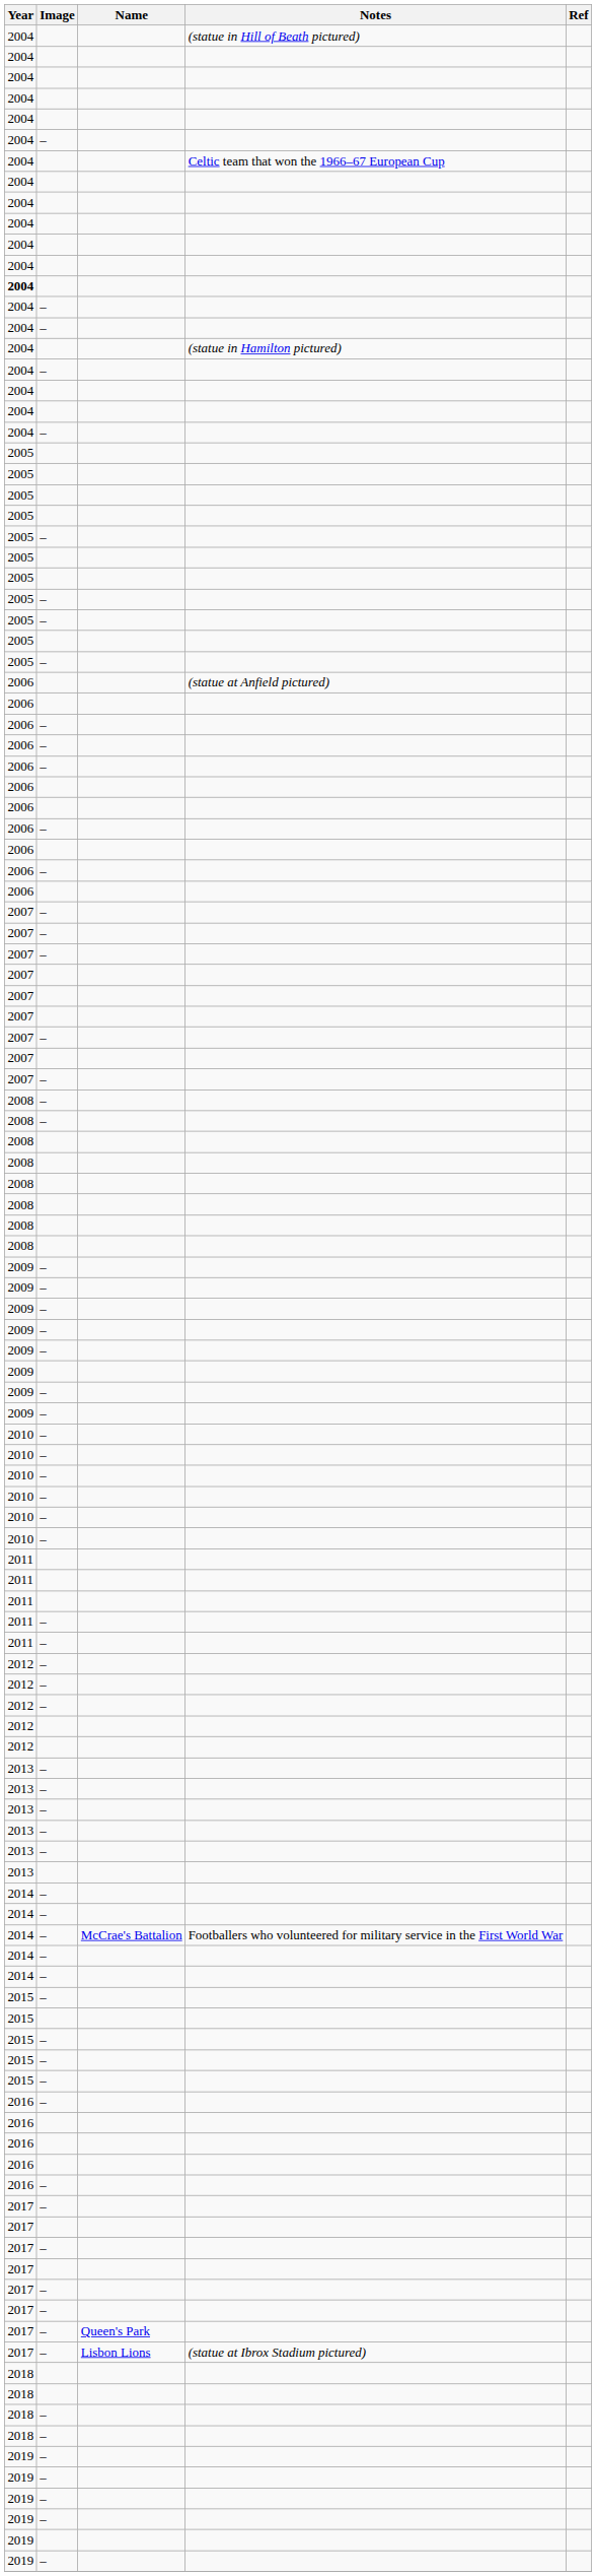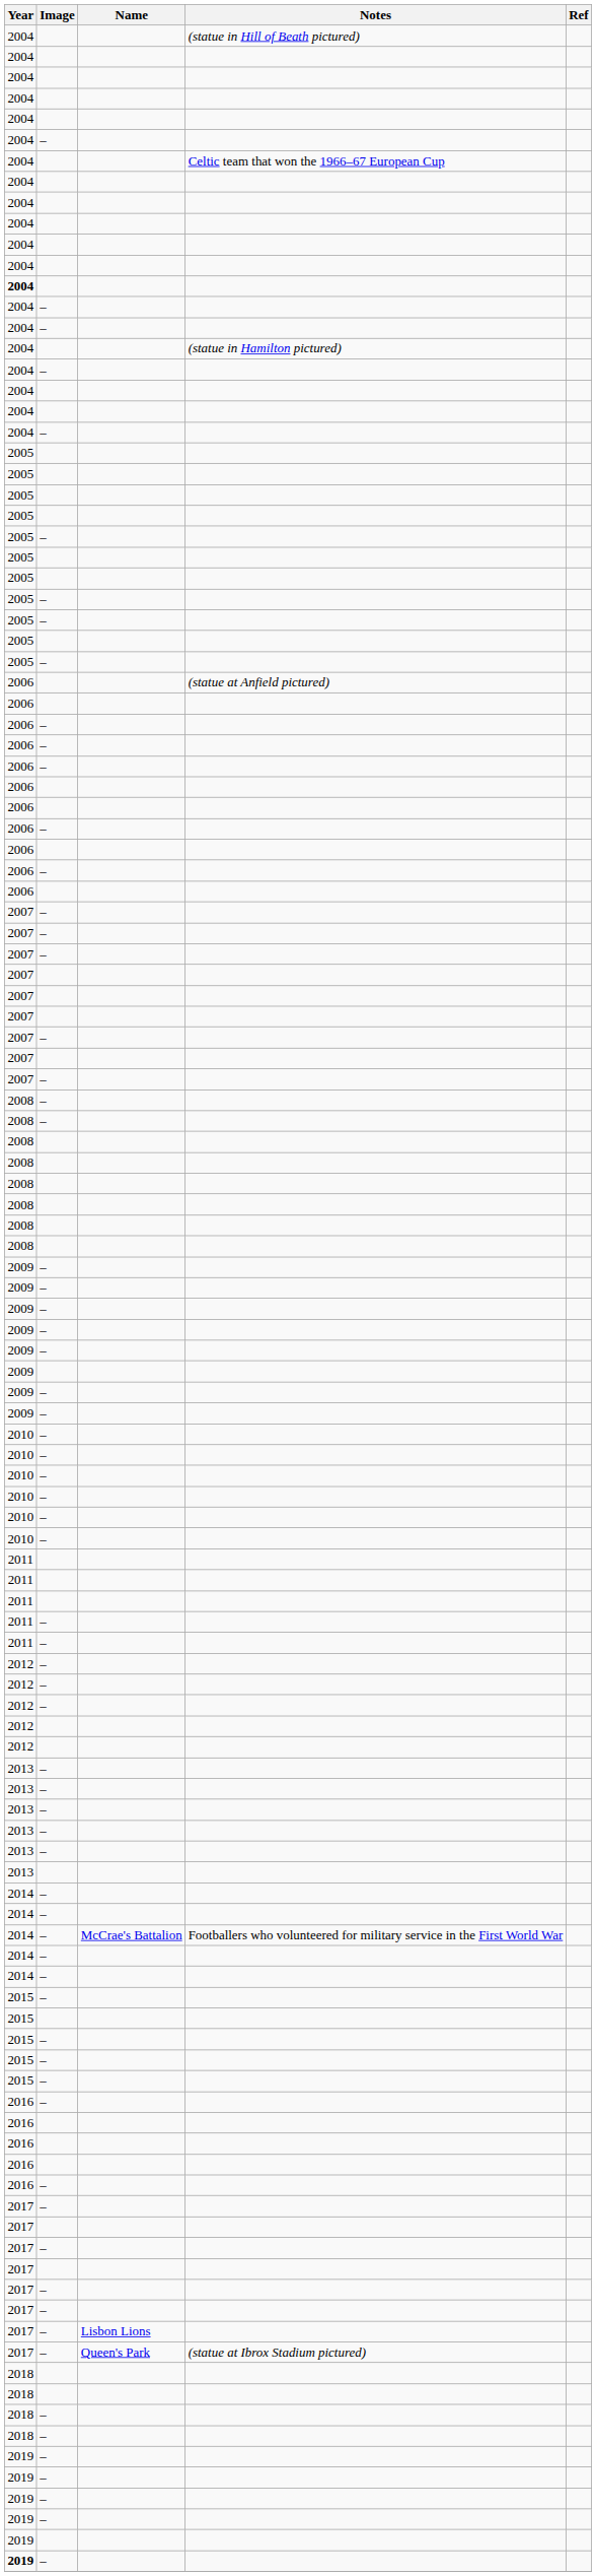 <table class="wikitable sortable">
 <tr>
 <th scope=col>Year</th>
 <th scope=col class=unsortable>Image</th>
 <th scope=col>Name</th>
 <th scope=col class=unsortable>Notes</th>
 <th scope=col class=unsortable>Ref</th>
 </tr>
 <tr>
 <td align="center">2004</td>
 <td></td>
 <td></td>
 <td><em>(statue in <a href='#'>Hill of Beath</a> pictured)</em></td>
 <td></td>
 </tr>
 <tr>
 <td align="center">2004</td>
 <td></td>
 <td></td>
 <td></td>
 <td></td>
 </tr>
 <tr>
 <td align="center">2004</td>
 <td></td>
 <td></td>
 <td></td>
 <td></td>
 </tr>
 <tr>
 <td align="center">2004</td>
 <td></td>
 <td></td>
 <td></td>
 <td></td>
 </tr>
 <tr>
 <td align="center">2004</td>
 <td></td>
 <td></td>
 <td></td>
 <td></td>
 </tr>
 <tr>
 <td align="center">2004</td>
 <td>–</td>
 <td></td>
 <td></td>
 <td></td>
 </tr>
 <tr>
 <td align="center">2004</td>
 <td></td>
 <td></td>
 <td><a href='#'>Celtic</a> team that won the <a href='#'>1966&ndash;67 European Cup</a></td>
 <td></td>
 </tr>
 <tr>
 <td align="center">2004</td>
 <td></td>
 <td></td>
 <td></td>
 <td></td>
 </tr>
 <tr>
 <td align="center">2004</td>
 <td></td>
 <td></td>
 <td></td>
 <td></td>
 </tr>
 <tr>
 <td align="center">2004</td>
 <td></td>
 <td></td>
 <td></td>
 <td></td>
 </tr>
 <tr>
 <td align="center">2004</td>
 <td></td>
 <td></td>
 <td></td>
 <td></td>
 </tr>
 <tr>
 <td align="center">2004</td>
 <td></td>
 <td></td>
 <td></td>
 <td></td>
 </tr>
 <tr>
 <td align="center"><strong>2004</strong></td>
 <td></td>
 <td></td>
 <td></td>
 <td></td>
 </tr>
 <tr>
 <td align="center">2004</td>
 <td>–</td>
 <td></td>
 <td></td>
 <td></td>
 </tr>
 <tr>
 <td align="center">2004</td>
 <td>–</td>
 <td></td>
 <td></td>
 <td></td>
 </tr>
 <tr>
 <td align="center">2004</td>
 <td></td>
 <td></td>
 <td><em>(statue in <a href='#'>Hamilton</a> pictured)</em></td>
 <td></td>
 </tr>
 <tr>
 <td align="center">2004</td>
 <td>–</td>
 <td></td>
 <td></td>
 <td></td>
 </tr>
 <tr>
 <td align="center">2004</td>
 <td></td>
 <td></td>
 <td></td>
 <td></td>
 </tr>
 <tr>
 <td align="center">2004</td>
 <td></td>
 <td></td>
 <td></td>
 <td></td>
 </tr>
 <tr>
 <td align="center">2004</td>
 <td>–</td>
 <td></td>
 <td></td>
 <td></td>
 </tr>
 <tr>
 <td align="center">2005</td>
 <td></td>
 <td></td>
 <td></td>
 <td></td>
 </tr>
 <tr>
 <td align="center">2005</td>
 <td></td>
 <td></td>
 <td></td>
 <td></td>
 </tr>
 <tr>
 <td align="center">2005</td>
 <td></td>
 <td></td>
 <td></td>
 <td></td>
 </tr>
 <tr>
 <td align="center">2005</td>
 <td></td>
 <td></td>
 <td></td>
 <td></td>
 </tr>
 <tr>
 <td align="center">2005</td>
 <td>–</td>
 <td></td>
 <td></td>
 <td></td>
 </tr>
 <tr>
 <td align="center">2005</td>
 <td></td>
 <td></td>
 <td></td>
 <td></td>
 </tr>
 <tr>
 <td align="center">2005</td>
 <td></td>
 <td></td>
 <td></td>
 <td></td>
 </tr>
 <tr>
 <td align="center">2005</td>
 <td>–</td>
 <td></td>
 <td></td>
 <td></td>
 </tr>
 <tr>
 <td align="center">2005</td>
 <td>–</td>
 <td></td>
 <td></td>
 <td></td>
 </tr>
 <tr>
 <td align="center">2005</td>
 <td></td>
 <td></td>
 <td></td>
 <td></td>
 </tr>
 <tr>
 <td align="center">2005</td>
 <td>–</td>
 <td></td>
 <td></td>
 <td></td>
 </tr>
 <tr>
 <td align="center">2006</td>
 <td></td>
 <td></td>
 <td><em>(statue at Anfield pictured)</em></td>
 <td></td>
 </tr>
 <tr>
 <td align="center">2006</td>
 <td></td>
 <td></td>
 <td></td>
 <td></td>
 </tr>
 <tr>
 <td align="center">2006</td>
 <td>–</td>
 <td></td>
 <td></td>
 <td></td>
 </tr>
 <tr>
 <td align="center">2006</td>
 <td>–</td>
 <td></td>
 <td></td>
 <td></td>
 </tr>
 <tr>
 <td align="center">2006</td>
 <td>–</td>
 <td></td>
 <td></td>
 <td></td>
 </tr>
 <tr>
 <td align="center">2006</td>
 <td></td>
 <td></td>
 <td></td>
 <td></td>
 </tr>
 <tr>
 <td align="center">2006</td>
 <td></td>
 <td></td>
 <td></td>
 <td></td>
 </tr>
 <tr>
 <td align="center">2006</td>
 <td>–</td>
 <td></td>
 <td></td>
 <td></td>
 </tr>
 <tr>
 <td align="center">2006</td>
 <td></td>
 <td></td>
 <td></td>
 <td></td>
 </tr>
 <tr>
 <td align="center">2006</td>
 <td>–</td>
 <td></td>
 <td></td>
 <td></td>
 </tr>
 <tr>
 <td align="center">2006</td>
 <td></td>
 <td></td>
 <td></td>
 <td></td>
 </tr>
 <tr>
 <td align="center">2007</td>
 <td>–</td>
 <td></td>
 <td></td>
 <td></td>
 </tr>
 <tr>
 <td align="center">2007</td>
 <td>–</td>
 <td></td>
 <td></td>
 <td></td>
 </tr>
 <tr>
 <td align="center">2007</td>
 <td>–</td>
 <td></td>
 <td></td>
 <td></td>
 </tr>
 <tr>
 <td align="center">2007</td>
 <td></td>
 <td></td>
 <td></td>
 <td></td>
 </tr>
 <tr>
 <td align="center">2007</td>
 <td></td>
 <td></td>
 <td></td>
 <td></td>
 </tr>
 <tr>
 <td align="center">2007</td>
 <td></td>
 <td></td>
 <td></td>
 <td></td>
 </tr>
 <tr>
 <td align="center">2007</td>
 <td>–</td>
 <td></td>
 <td></td>
 <td></td>
 </tr>
 <tr>
 <td align="center">2007</td>
 <td></td>
 <td></td>
 <td></td>
 <td></td>
 </tr>
 <tr>
 <td align="center">2007</td>
 <td>–</td>
 <td></td>
 <td></td>
 <td></td>
 </tr>
 <tr>
 <td align="center">2008</td>
 <td>–</td>
 <td></td>
 <td></td>
 <td></td>
 </tr>
 <tr>
 <td align="center">2008</td>
 <td>–</td>
 <td></td>
 <td></td>
 <td></td>
 </tr>
 <tr>
 <td align="center">2008</td>
 <td></td>
 <td></td>
 <td></td>
 <td></td>
 </tr>
 <tr>
 <td align="center">2008</td>
 <td></td>
 <td></td>
 <td></td>
 <td></td>
 </tr>
 <tr>
 <td align="center">2008</td>
 <td></td>
 <td></td>
 <td></td>
 <td></td>
 </tr>
 <tr>
 <td align="center">2008</td>
 <td></td>
 <td></td>
 <td></td>
 <td></td>
 </tr>
 <tr>
 <td align="center">2008</td>
 <td></td>
 <td></td>
 <td></td>
 <td></td>
 </tr>
 <tr>
 <td align="center">2008</td>
 <td></td>
 <td></td>
 <td></td>
 <td></td>
 </tr>
 <tr>
 <td align="center">2009</td>
 <td>–</td>
 <td></td>
 <td></td>
 <td></td>
 </tr>
 <tr>
 <td align="center">2009</td>
 <td>–</td>
 <td></td>
 <td></td>
 <td></td>
 </tr>
 <tr>
 <td align="center">2009</td>
 <td>–</td>
 <td></td>
 <td></td>
 <td></td>
 </tr>
 <tr>
 <td align="center">2009</td>
 <td>–</td>
 <td></td>
 <td></td>
 <td></td>
 </tr>
 <tr>
 <td align="center">2009</td>
 <td>–</td>
 <td></td>
 <td></td>
 <td></td>
 </tr>
 <tr>
 <td align="center">2009</td>
 <td></td>
 <td></td>
 <td></td>
 <td></td>
 </tr>
 <tr>
 <td align="center">2009</td>
 <td>–</td>
 <td></td>
 <td></td>
 <td></td>
 </tr>
 <tr>
 <td align="center">2009</td>
 <td>–</td>
 <td></td>
 <td></td>
 <td></td>
 </tr>
 <tr>
 <td align="center">2010</td>
 <td>–</td>
 <td></td>
 <td></td>
 <td></td>
 </tr>
 <tr>
 <td align="center">2010</td>
 <td>–</td>
 <td></td>
 <td></td>
 <td></td>
 </tr>
 <tr>
 <td align="center">2010</td>
 <td>–</td>
 <td></td>
 <td></td>
 <td></td>
 </tr>
 <tr>
 <td align="center">2010</td>
 <td>–</td>
 <td></td>
 <td></td>
 <td></td>
 </tr>
 <tr>
 <td align="center">2010</td>
 <td>–</td>
 <td></td>
 <td></td>
 <td></td>
 </tr>
 <tr>
 <td align="center">2010</td>
 <td>–</td>
 <td></td>
 <td></td>
 <td></td>
 </tr>
 <tr>
 <td align="center">2011</td>
 <td></td>
 <td></td>
 <td></td>
 <td></td>
 </tr>
 <tr>
 <td align="center">2011</td>
 <td></td>
 <td></td>
 <td></td>
 <td></td>
 </tr>
 <tr>
 <td align="center">2011</td>
 <td></td>
 <td></td>
 <td></td>
 <td></td>
 </tr>
 <tr>
 <td align="center">2011</td>
 <td>–</td>
 <td></td>
 <td></td>
 <td></td>
 </tr>
 <tr>
 <td align="center">2011</td>
 <td>–</td>
 <td></td>
 <td></td>
 <td></td>
 </tr>
 <tr>
 <td align="center">2012</td>
 <td>–</td>
 <td></td>
 <td></td>
 <td></td>
 </tr>
 <tr>
 <td align="center">2012</td>
 <td>–</td>
 <td></td>
 <td></td>
 <td></td>
 </tr>
 <tr>
 <td align="center">2012</td>
 <td>–</td>
 <td></td>
 <td></td>
 <td></td>
 </tr>
 <tr>
 <td align="center">2012</td>
 <td></td>
 <td></td>
 <td></td>
 <td></td>
 </tr>
 <tr>
 <td align="center">2012</td>
 <td></td>
 <td></td>
 <td></td>
 <td></td>
 </tr>
 <tr>
 <td align="center">2013</td>
 <td>–</td>
 <td></td>
 <td></td>
 <td></td>
 </tr>
 <tr>
 <td align="center">2013</td>
 <td>–</td>
 <td></td>
 <td></td>
 <td></td>
 </tr>
 <tr>
 <td align="center">2013</td>
 <td>–</td>
 <td></td>
 <td></td>
 <td></td>
 </tr>
 <tr>
 <td align="center">2013</td>
 <td>–</td>
 <td></td>
 <td></td>
 <td></td>
 </tr>
 <tr>
 <td align="center">2013</td>
 <td>–</td>
 <td></td>
 <td></td>
 <td></td>
 </tr>
 <tr>
 <td align="center">2013</td>
 <td></td>
 <td></td>
 <td></td>
 <td></td>
 </tr>
 <tr>
 <td align="center">2014</td>
 <td>–</td>
 <td></td>
 <td></td>
 <td></td>
 </tr>
 <tr>
 <td align="center">2014</td>
 <td>–</td>
 <td></td>
 <td></td>
 <td></td>
 </tr>
 <tr>
 <td align="center">2014</td>
 <td>–</td>
 <td><a href='#'>McCrae's Battalion</a></td>
 <td>Footballers who volunteered for military service in the <a href='#'>First World War</a></td>
 <td></td>
 </tr>
 <tr>
 <td align="center">2014</td>
 <td>–</td>
 <td></td>
 <td></td>
 <td></td>
 </tr>
 <tr>
 <td align="center">2014</td>
 <td>–</td>
 <td></td>
 <td></td>
 <td></td>
 </tr>
 <tr>
 <td align="center">2015</td>
 <td>–</td>
 <td></td>
 <td></td>
 <td></td>
 </tr>
 <tr>
 <td align="center">2015</td>
 <td></td>
 <td></td>
 <td></td>
 <td></td>
 </tr>
 <tr>
 <td align="center">2015</td>
 <td>–</td>
 <td></td>
 <td></td>
 <td></td>
 </tr>
 <tr>
 <td align="center">2015</td>
 <td>–</td>
 <td></td>
 <td></td>
 <td></td>
 </tr>
 <tr>
 <td align="center">2015</td>
 <td>–</td>
 <td></td>
 <td></td>
 <td></td>
 </tr>
 <tr>
 <td align="center">2016</td>
 <td>–</td>
 <td></td>
 <td></td>
 <td></td>
 </tr>
 <tr>
 <td align="center">2016</td>
 <td></td>
 <td></td>
 <td></td>
 <td></td>
 </tr>
 <tr>
 <td align="center">2016</td>
 <td></td>
 <td></td>
 <td></td>
 <td></td>
 </tr>
 <tr>
 <td align="center">2016</td>
 <td></td>
 <td></td>
 <td></td>
 <td></td>
 </tr>
 <tr>
 <td align="center">2016</td>
 <td>–</td>
 <td></td>
 <td></td>
 <td></td>
 </tr>
 <tr>
 <td align="center">2017</td>
 <td>–</td>
 <td></td>
 <td></td>
 <td></td>
 </tr>
 <tr>
 <td align="center">2017</td>
 <td></td>
 <td></td>
 <td></td>
 <td></td>
 </tr>
 <tr>
 <td align="center">2017</td>
 <td>–</td>
 <td></td>
 <td></td>
 <td></td>
 </tr>
 <tr>
 <td align="center">2017</td>
 <td></td>
 <td></td>
 <td></td>
 <td></td>
 </tr>
 <tr>
 <td align="center">2017</td>
 <td>–</td>
 <td></td>
 <td></td>
 <td></td>
 </tr>
 <tr>
 <td align="center">2017</td>
 <td>–</td>
 <td></td>
 <td></td>
 <td></td>
 </tr>
 <tr>
 <td align="center">2017</td>
 <td>–</td>
-<td><a href='#'>Queen's Park</a></td>
+<td><a href='#'>Lisbon Lions</a></td>
 <td></td>
 <td></td>
 </tr>
 <tr>
 <td align="center">2017</td>
 <td>–</td>
-<td><a href='#'>Lisbon Lions</a></td>
+<td><a href='#'>Queen's Park</a></td>
 <td><em>(statue at Ibrox Stadium pictured)</em></td>
 <td></td>
 </tr>
 <tr>
 <td align="center">2018</td>
 <td></td>
 <td></td>
 <td></td>
 <td></td>
 </tr>
 <tr>
 <td align="center">2018</td>
 <td></td>
 <td></td>
 <td></td>
 <td></td>
 </tr>
 <tr>
 <td align="center">2018</td>
 <td>–</td>
 <td></td>
 <td></td>
 <td></td>
 </tr>
 <tr>
 <td align="center">2018</td>
 <td>–</td>
 <td></td>
 <td></td>
 <td></td>
 </tr>
 <tr>
 <td align="center">2019</td>
 <td>–</td>
 <td></td>
 <td></td>
 <td></td>
 </tr>
 <tr>
 <td align="center">2019</td>
 <td>–</td>
 <td></td>
 <td></td>
 <td></td>
 </tr>
 <tr>
 <td align="center">2019</td>
 <td>–</td>
 <td></td>
 <td></td>
 <td></td>
 </tr>
 <tr>
 <td align="center">2019</td>
 <td>–</td>
 <td></td>
 <td></td>
 <td></td>
 </tr>
 <tr>
 <td align="center">2019</td>
 <td></td>
 <td></td>
 <td></td>
 <td></td>
 </tr>
 <tr>
-<td align="center">2019</td>
+<td align="center"><strong>2019</strong></td>
 <td>–</td>
 <td></td>
 <td></td>
 <td></td>
 </tr>
 <tr>
 </tr>
 </table>
